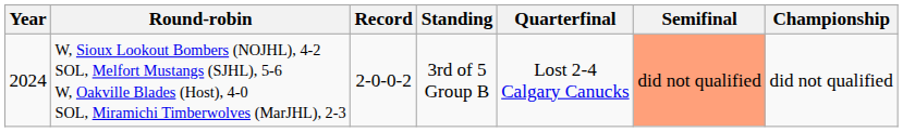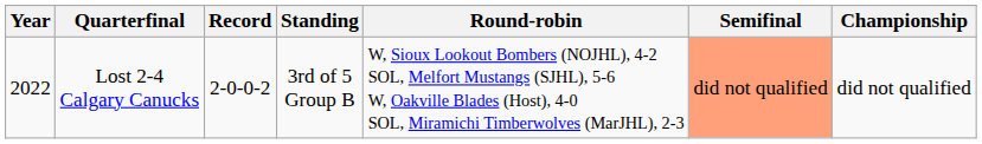 <table class="wikitable" style="text-align:center;">
 <tr>
 <th>Year</th>
-<th>Round-robin</th>
+<th>Quarterfinal</th>
 <th>Record</th>
 <th>Standing</th>
-<th>Quarterfinal</th>
+<th>Round-robin</th>
 <th>Semifinal</th>
 <th>Championship</th>
 </tr>
 <tr>
-<td>2024</td>
-<td align=left><small>W, <a href='#'>Sioux Lookout Bombers</a> (NOJHL), 4-2<br>SOL, <a href='#'>Melfort Mustangs</a> (SJHL), 5-6<br>W, <a href='#'>Oakville Blades</a> (Host), 4-0<br>SOL, <a href='#'>Miramichi Timberwolves</a> (MarJHL), 2-3</small></td>
+<td>2022</td>
+<td>Lost   2-4<br><a href='#'>Calgary Canucks</a></td>
 <td>2-0-0-2</td>
 <td>3rd of 5 <br>Group B</td>
-<td>Lost   2-4<br><a href='#'>Calgary Canucks</a></td>
+<td align=left><small>W, <a href='#'>Sioux Lookout Bombers</a> (NOJHL), 4-2<br>SOL, <a href='#'>Melfort Mustangs</a> (SJHL), 5-6<br>W, <a href='#'>Oakville Blades</a> (Host), 4-0<br>SOL, <a href='#'>Miramichi Timberwolves</a> (MarJHL), 2-3</small></td>
 <td style="background: lightsalmon;">did not qualified</td>
 <td>did not qualified</td>
 </tr>
 </table>
